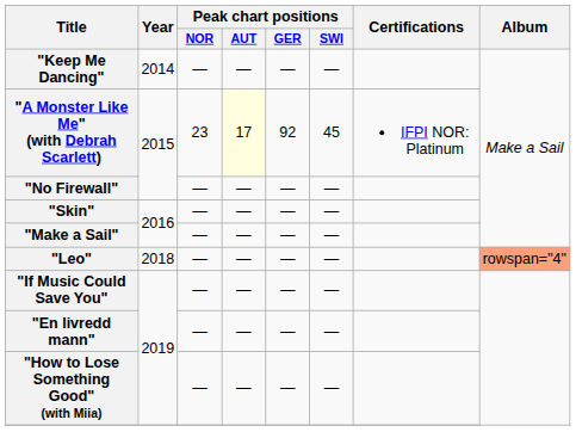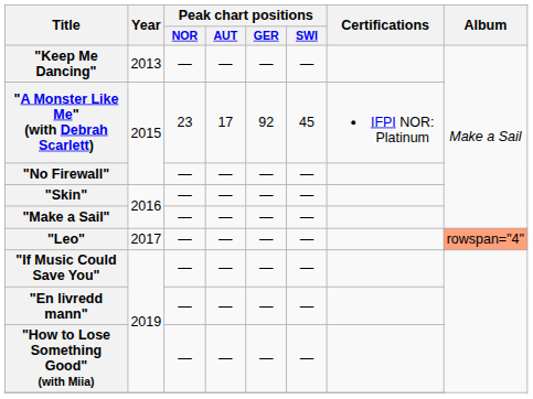 <table class="wikitable plainrowheaders" style="text-align:center;">
 <tr>
 <th scope="col" rowspan="2">Title</th>
 <th scope="col" rowspan="2">Year</th>
 <th scope="col" colspan="4">Peak chart positions</th>
 <th scope="col" rowspan="2">Certifications</th>
 <th scope="col" rowspan="2">Album</th>
 </tr>
 <tr>
 <th scope="col" style="width:3em;font-size:85%;"><a href='#'>NOR</a><br></th>
 <th scope="col" style="width:3em;font-size:85%;"><a href='#'>AUT</a><br></th>
 <th scope="col" style="width:3em;font-size:85%;"><a href='#'>GER</a><br></th>
 <th scope="col" style="width:3em;font-size:85%;"><a href='#'>SWI</a><br></th>
 </tr>
 <tr>
 <th scope="row">"Keep Me Dancing"</th>
-<td>2014</td>
+<td>2013</td>
 <td>—</td>
 <td>—</td>
 <td>—</td>
 <td>—</td>
 <td></td>
 <td rowspan="5"><em>Make a Sail</em></td>
 </tr>
 <tr>
 <th scope="row">"<a href='#'>A Monster Like Me</a>"<br><span>(with <a href='#'>Debrah Scarlett</a>)</span></th>
 <td rowspan="2">2015</td>
 <td>23</td>
-<td style="background: lightyellow;">17</td>
+<td>17</td>
 <td>92</td>
 <td>45</td>
 <td><br><ul><li><a href='#'>IFPI</a> NOR: Platinum</li></ul></td>
 </tr>
 <tr>
 <th scope="row">"No Firewall"</th>
 <td>—</td>
 <td>—</td>
 <td>—</td>
 <td>—</td>
 <td></td>
 </tr>
 <tr>
 <th scope="row">"Skin"</th>
 <td rowspan="2">2016</td>
 <td>—</td>
 <td>—</td>
 <td>—</td>
 <td>—</td>
 <td></td>
 </tr>
 <tr>
 <th scope="row">"Make a Sail"</th>
 <td>—</td>
 <td>—</td>
 <td>—</td>
 <td>—</td>
 <td></td>
 </tr>
 <tr>
 <th scope="row">"Leo"</th>
-<td>2018</td>
+<td>2017</td>
 <td>—</td>
 <td>—</td>
 <td>—</td>
 <td>—</td>
 <td></td>
 <td style="background: lightsalmon;">rowspan="4" </td>
 </tr>
 <tr>
 <th scope="row">"If Music Could Save You"</th>
 <td rowspan="3">2019</td>
 <td>—</td>
 <td>—</td>
 <td>—</td>
 <td>—</td>
 <td></td>
 </tr>
 <tr>
 <th scope="row">"En livredd mann"</th>
 <td>—</td>
 <td>—</td>
 <td>—</td>
 <td>—</td>
 <td></td>
 </tr>
 <tr>
 <th scope="row">"How to Lose Something Good"<br><small>(with Miia)</small></th>
 <td>—</td>
 <td>—</td>
 <td>—</td>
 <td>—</td>
 <td></td>
 </tr>
 <tr>
 </tr>
 </table>
